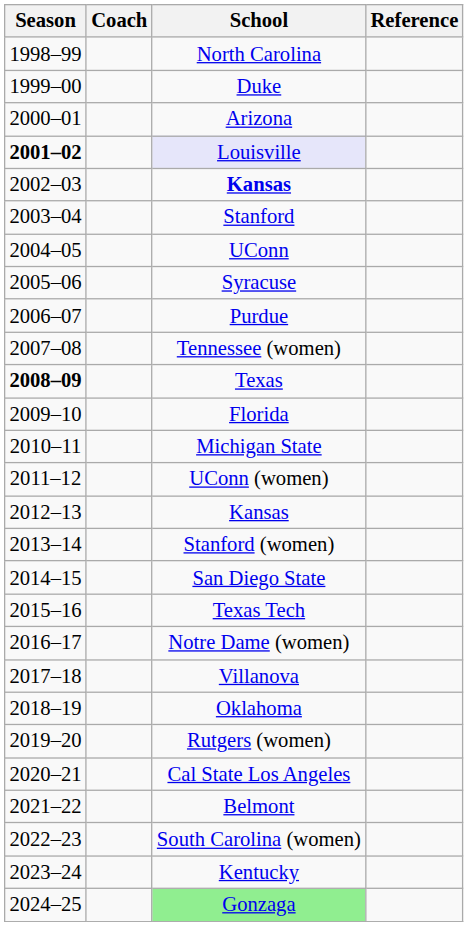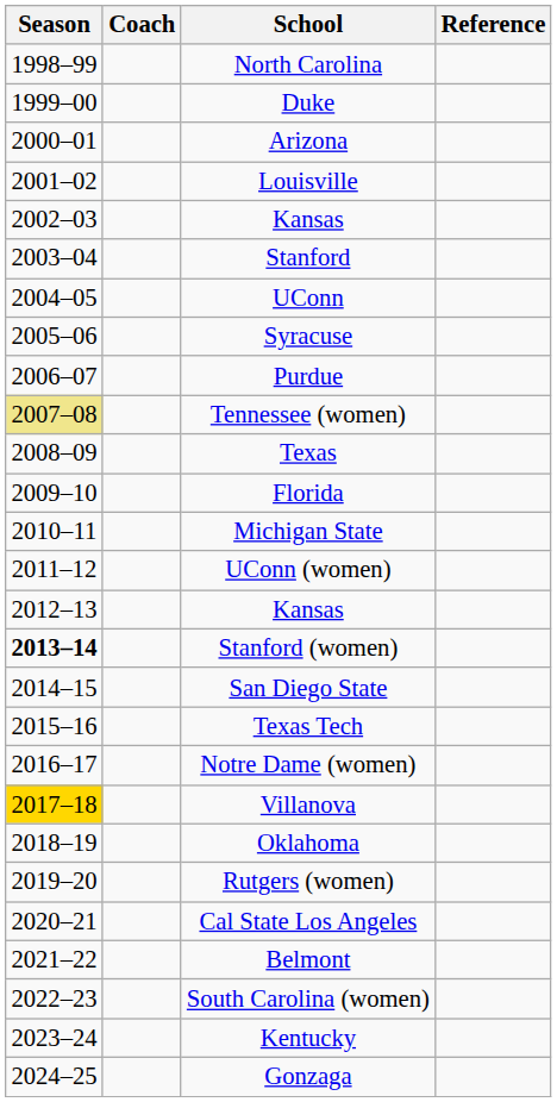 <table class="wikitable sortable" style="text-align:center;">
 <tr>
 <th>Season</th>
 <th>Coach</th>
 <th>School</th>
 <th class="unsortable">Reference</th>
 </tr>
 <tr align=center>
 <td>1998–99</td>
 <td></td>
 <td><a href='#'>North Carolina</a></td>
 <td></td>
 </tr>
 <tr>
 <td>1999–00</td>
 <td></td>
 <td><a href='#'>Duke</a></td>
 <td></td>
 </tr>
 <tr>
 <td>2000–01</td>
 <td></td>
 <td><a href='#'>Arizona</a></td>
 <td></td>
 </tr>
 <tr>
-<td><strong>2001–02</strong></td>
+<td>2001–02</td>
 <td></td>
-<td style="background: lavender;"><a href='#'>Louisville</a></td>
+<td><a href='#'>Louisville</a></td>
 <td></td>
 </tr>
 <tr>
 <td>2002–03</td>
 <td></td>
-<td><strong><a href='#'>Kansas</a></strong></td>
+<td><a href='#'>Kansas</a></td>
 <td></td>
 </tr>
 <tr>
 <td>2003–04</td>
 <td></td>
 <td><a href='#'>Stanford</a></td>
 <td></td>
 </tr>
 <tr>
 <td>2004–05</td>
 <td></td>
 <td><a href='#'>UConn</a></td>
 <td></td>
 </tr>
 <tr>
 <td>2005–06</td>
 <td></td>
 <td><a href='#'>Syracuse</a></td>
 <td></td>
 </tr>
 <tr>
 <td>2006–07</td>
 <td></td>
 <td><a href='#'>Purdue</a></td>
 <td></td>
 </tr>
 <tr>
-<td>2007–08</td>
+<td style="background: khaki;">2007–08</td>
 <td></td>
 <td><a href='#'>Tennessee</a> (women)</td>
 <td></td>
 </tr>
 <tr>
-<td><strong>2008–09</strong></td>
+<td>2008–09</td>
 <td></td>
 <td><a href='#'>Texas</a></td>
 <td></td>
 </tr>
 <tr>
 <td>2009–10</td>
 <td></td>
 <td><a href='#'>Florida</a></td>
 <td></td>
 </tr>
 <tr>
 <td>2010–11</td>
 <td></td>
 <td><a href='#'>Michigan State</a></td>
 <td></td>
 </tr>
 <tr>
 <td>2011–12</td>
 <td></td>
 <td><a href='#'>UConn</a> (women)</td>
 <td></td>
 </tr>
 <tr>
 <td>2012–13</td>
 <td></td>
 <td><a href='#'>Kansas</a></td>
 <td></td>
 </tr>
 <tr>
-<td>2013–14</td>
+<td><strong>2013–14</strong></td>
 <td></td>
 <td><a href='#'>Stanford</a> (women)</td>
 <td></td>
 </tr>
 <tr>
 <td>2014–15</td>
 <td></td>
 <td><a href='#'>San Diego State</a></td>
 <td></td>
 </tr>
 <tr>
 <td>2015–16</td>
 <td></td>
 <td><a href='#'>Texas Tech</a></td>
 <td></td>
 </tr>
 <tr>
 <td>2016–17</td>
 <td></td>
 <td><a href='#'>Notre Dame</a> (women)</td>
 <td></td>
 </tr>
 <tr>
-<td>2017–18</td>
+<td style="background: gold;">2017–18</td>
 <td></td>
 <td><a href='#'>Villanova</a></td>
 <td></td>
 </tr>
 <tr>
 <td>2018–19</td>
 <td></td>
 <td><a href='#'>Oklahoma</a></td>
 <td></td>
 </tr>
 <tr>
 <td>2019–20</td>
 <td></td>
 <td><a href='#'>Rutgers</a> (women)</td>
 <td></td>
 </tr>
 <tr>
 <td>2020–21</td>
 <td></td>
 <td><a href='#'>Cal State Los Angeles</a></td>
 <td></td>
 </tr>
 <tr>
 <td>2021–22</td>
 <td></td>
 <td><a href='#'>Belmont</a></td>
 <td></td>
 </tr>
 <tr>
 <td>2022–23</td>
 <td></td>
 <td><a href='#'>South Carolina</a> (women)</td>
 <td></td>
 </tr>
 <tr>
 <td>2023–24</td>
 <td></td>
 <td><a href='#'>Kentucky</a></td>
 <td></td>
 </tr>
 <tr>
 <td>2024–25</td>
 <td></td>
-<td style="background: lightgreen;"><a href='#'>Gonzaga</a></td>
+<td><a href='#'>Gonzaga</a></td>
 <td></td>
 </tr>
 <tr>
 </tr>
 </table>
